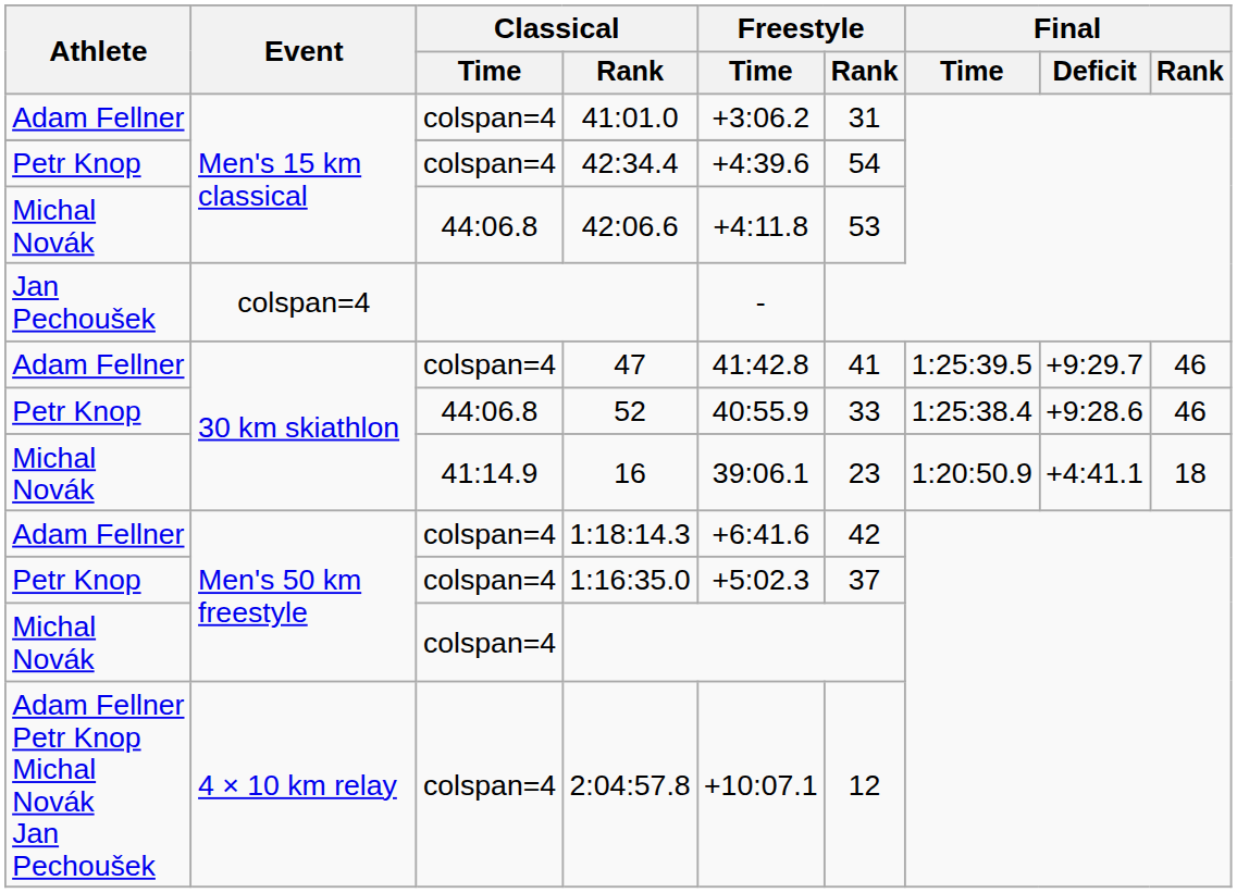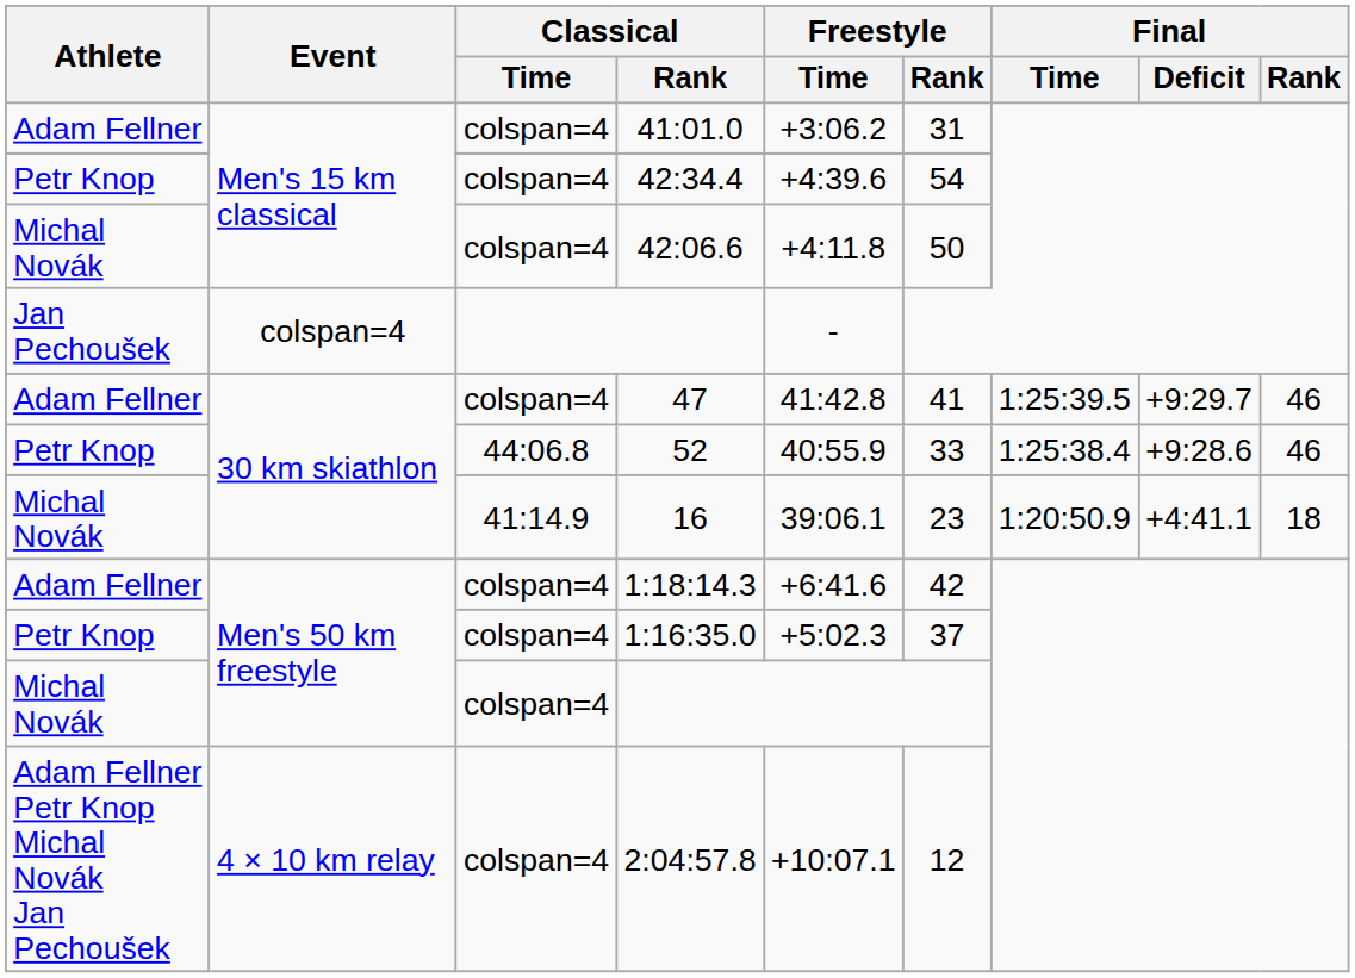 <table class="wikitable" style="font-size:90%">
 <tr>
 <th rowspan=2>Athlete</th>
 <th rowspan=2>Event</th>
 <th colspan=2>Classical</th>
 <th colspan=2>Freestyle</th>
 <th colspan=3>Final</th>
 </tr>
 <tr style="font-size: 95%">
 <th>Time</th>
 <th>Rank</th>
 <th>Time</th>
 <th>Rank</th>
 <th>Time</th>
 <th>Deficit</th>
 <th>Rank</th>
 </tr>
 <tr align=center>
 <td align=left><a href='#'>Adam Fellner</a></td>
 <td align=left rowspan=4><a href='#'>Men's 15 km classical</a></td>
 <td>colspan=4 </td>
 <td>41:01.0</td>
 <td>+3:06.2</td>
 <td>31</td>
 </tr>
 <tr>
 </tr>
 <tr align=center>
 <td align=left><a href='#'>Petr Knop</a></td>
 <td>colspan=4 </td>
 <td>42:34.4</td>
 <td>+4:39.6</td>
 <td>54</td>
 </tr>
 <tr align=center>
 <td align=left><a href='#'>Michal Novák</a></td>
-<td>44:06.8</td>
+<td>colspan=4 </td>
 <td>42:06.6</td>
 <td>+4:11.8</td>
-<td>53</td>
+<td>50</td>
 </tr>
 <tr align=center>
 <td align=left><a href='#'>Jan Pechoušek</a></td>
 <td>colspan=4 </td>
 <td colspan=2></td>
 <td>-</td>
 </tr>
 <tr align=center>
 <td align=left><a href='#'>Adam Fellner</a></td>
 <td align=left rowspan=3><a href='#'>30 km skiathlon</a></td>
 <td>colspan=4 </td>
 <td>47</td>
 <td>41:42.8</td>
 <td>41</td>
 <td>1:25:39.5</td>
 <td>+9:29.7</td>
 <td>46</td>
 </tr>
 <tr align=center>
 <td align=left><a href='#'>Petr Knop</a></td>
 <td>44:06.8</td>
 <td>52</td>
 <td>40:55.9</td>
 <td>33</td>
 <td>1:25:38.4</td>
 <td>+9:28.6</td>
 <td>46</td>
 </tr>
 <tr align=center>
 <td align=left><a href='#'>Michal Novák</a></td>
 <td>41:14.9</td>
 <td>16</td>
 <td>39:06.1</td>
 <td>23</td>
 <td>1:20:50.9</td>
 <td>+4:41.1</td>
 <td>18</td>
 </tr>
 <tr align=center>
 <td align=left><a href='#'>Adam Fellner</a></td>
 <td align=left rowspan=3><a href='#'>Men's 50 km freestyle</a></td>
 <td>colspan=4 </td>
 <td>1:18:14.3</td>
 <td>+6:41.6</td>
 <td>42</td>
 </tr>
 <tr align=center>
 <td align=left><a href='#'>Petr Knop</a></td>
 <td>colspan=4 </td>
 <td>1:16:35.0</td>
 <td>+5:02.3</td>
 <td>37</td>
 </tr>
 <tr align=center>
 <td align=left><a href='#'>Michal Novák</a></td>
 <td>colspan=4 </td>
 <td colspan=3></td>
 </tr>
 <tr align=center>
 <td align=left><a href='#'>Adam Fellner</a><br><a href='#'>Petr Knop</a><br><a href='#'>Michal Novák</a><br><a href='#'>Jan Pechoušek</a></td>
 <td align=left><a href='#'>4 × 10 km relay</a></td>
 <td>colspan=4 </td>
 <td>2:04:57.8</td>
 <td>+10:07.1</td>
 <td>12</td>
 </tr>
 </table>
